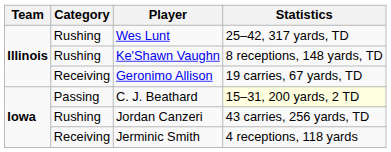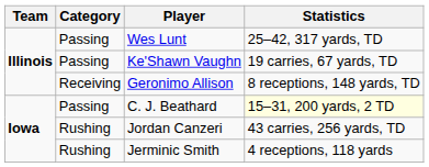 <table class="wikitable" style="float: left;">
 <tr>
 <th>Team</th>
 <th>Category</th>
 <th>Player</th>
 <th>Statistics</th>
 </tr>
 <tr>
 <td rowspan=3><strong>Illinois</strong></td>
-<td>Rushing</td>
+<td>Passing</td>
 <td><a href='#'>Wes Lunt</a></td>
 <td>25–42, 317 yards, TD</td>
 </tr>
 <tr>
-<td>Rushing</td>
+<td>Passing</td>
 <td><a href='#'>Ke'Shawn Vaughn</a></td>
-<td>8 receptions, 148 yards, TD</td>
+<td>19 carries, 67 yards, TD</td>
 </tr>
 <tr>
 <td>Receiving</td>
 <td><a href='#'>Geronimo Allison</a></td>
-<td>19 carries, 67 yards, TD</td>
+<td>8 receptions, 148 yards, TD</td>
 </tr>
 <tr>
 <td rowspan=3><strong>Iowa</strong></td>
 <td>Passing</td>
 <td>C. J. Beathard</td>
 <td style="background: lightyellow;">15–31, 200 yards, 2 TD</td>
 </tr>
 <tr>
 <td>Rushing</td>
 <td>Jordan Canzeri</td>
 <td>43 carries, 256 yards, TD</td>
 </tr>
 <tr>
-<td>Receiving</td>
+<td>Rushing</td>
 <td>Jerminic Smith</td>
 <td>4 receptions, 118 yards</td>
 </tr>
 </table>
